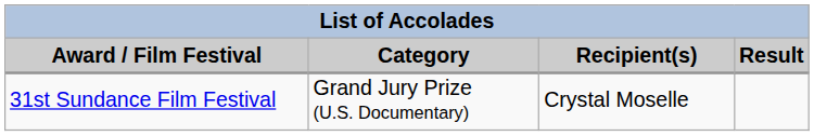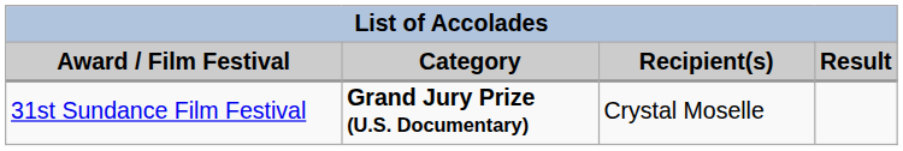 <table class="wikitable">
 <tr style="text-align:center;">
 <th colspan=4 style="background:#B0C4DE;">List of Accolades</th>
 </tr>
 <tr style="text-align:center;">
 <th style="background:#ccc;" width="40%">Award / Film Festival</th>
 <th style="background:#ccc;" width="30%">Category</th>
 <th style="background:#ccc;" width="25%">Recipient(s)</th>
 <th style="background:#ccc;" width="15%">Result</th>
 </tr>
 <tr style="border-top:2px solid gray;">
 </tr>
 <tr>
 <td><a href='#'>31st Sundance Film Festival</a></td>
-<td>Grand Jury Prize<br><small>(U.S. Documentary)</small></td>
+<td><strong>Grand Jury Prize<br><small>(U.S. Documentary)</small></strong></td>
 <td>Crystal Moselle</td>
 <td></td>
 </tr>
 </table>
